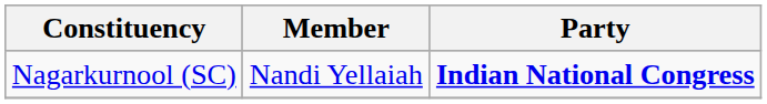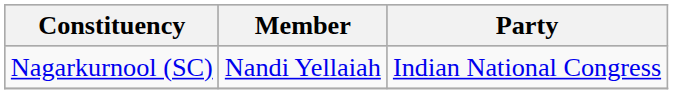 <table class="wikitable sortable">
 <tr>
 <th>Constituency</th>
 <th>Member</th>
 <th>Party</th>
 </tr>
 <tr>
 <td><a href='#'>Nagarkurnool (SC)</a></td>
 <td><a href='#'>Nandi Yellaiah</a></td>
-<td><strong><a href='#'>Indian National Congress</a></strong></td>
+<td><a href='#'>Indian National Congress</a></td>
 </tr>
 <tr>
 </tr>
 </table>
